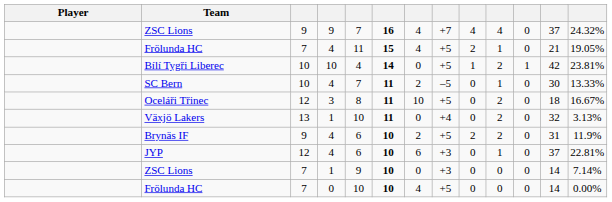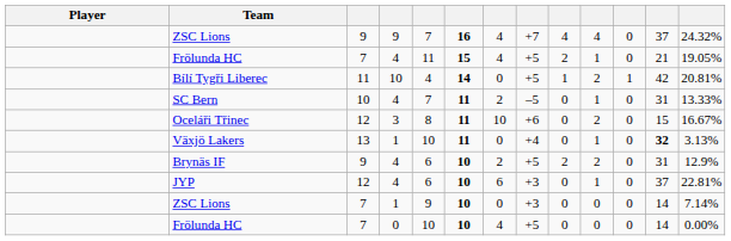 <table class="wikitable sortable">
 <tr>
 <th style="width: 12em;">Player</th>
 <th style="width: 13em;">Team</th>
 <th style="width: 2em;"></th>
 <th style="width: 2em;"></th>
 <th style="width: 2em;"></th>
 <th style="width: 2.5em;"></th>
 <th style="width: 2em;"></th>
 <th data-sort-type="number" style="width: 2em;"></th>
 <th style="width: 2em;"></th>
 <th style="width: 2em;"></th>
 <th style="width: 2em;"></th>
 <th style="width: 2em;"></th>
 <th style="width: 2em;"></th>
 </tr>
 <tr style="text-align:center;">
 <td style="text-align:left;"> </td>
 <td style="text-align:left;"> <a href='#'>ZSC Lions</a></td>
 <td>9</td>
 <td>9</td>
 <td>7</td>
 <td><strong>16</strong></td>
 <td>4</td>
 <td>+7</td>
 <td>4</td>
 <td>4</td>
 <td>0</td>
 <td>37</td>
 <td>24.32%</td>
 </tr>
 <tr style="text-align:center;">
 <td style="text-align:left;"> </td>
 <td style="text-align:left;"> <a href='#'>Frölunda HC</a></td>
 <td>7</td>
 <td>4</td>
 <td>11</td>
 <td><strong>15</strong></td>
 <td>4</td>
 <td>+5</td>
 <td>2</td>
 <td>1</td>
 <td>0</td>
 <td>21</td>
 <td>19.05%</td>
 </tr>
 <tr style="text-align:center;">
 <td style="text-align:left;"> </td>
 <td style="text-align:left;"> <a href='#'>Bílí Tygři Liberec</a></td>
-<td>10</td>
+<td>11</td>
 <td>10</td>
 <td>4</td>
 <td><strong>14</strong></td>
 <td>0</td>
 <td>+5</td>
 <td>1</td>
 <td>2</td>
 <td>1</td>
 <td>42</td>
-<td>23.81%</td>
+<td>20.81%</td>
 </tr>
 <tr style="text-align:center;">
 <td style="text-align:left;"> </td>
 <td style="text-align:left;"> <a href='#'>SC Bern</a></td>
 <td>10</td>
 <td>4</td>
 <td>7</td>
 <td><strong>11</strong></td>
 <td>2</td>
 <td>–5</td>
 <td>0</td>
 <td>1</td>
 <td>0</td>
-<td>30</td>
+<td>31</td>
 <td>13.33%</td>
 </tr>
 <tr style="text-align:center;">
 <td style="text-align:left;"> </td>
 <td style="text-align:left;"> <a href='#'>Oceláři Třinec</a></td>
 <td>12</td>
 <td>3</td>
 <td>8</td>
 <td><strong>11</strong></td>
 <td>10</td>
-<td>+5</td>
+<td>+6</td>
 <td>0</td>
 <td>2</td>
 <td>0</td>
-<td>18</td>
+<td>15</td>
 <td>16.67%</td>
 </tr>
 <tr style="text-align:center;">
 <td style="text-align:left;"> </td>
 <td style="text-align:left;"> <a href='#'>Växjö Lakers</a></td>
 <td>13</td>
 <td>1</td>
 <td>10</td>
 <td><strong>11</strong></td>
 <td>0</td>
 <td>+4</td>
 <td>0</td>
-<td>2</td>
+<td>1</td>
 <td>0</td>
-<td>32</td>
+<td><strong>32</strong></td>
 <td>3.13%</td>
 </tr>
 <tr style="text-align:center;">
 <td style="text-align:left;"> </td>
 <td style="text-align:left;"> <a href='#'>Brynäs IF</a></td>
 <td>9</td>
 <td>4</td>
 <td>6</td>
 <td><strong>10</strong></td>
 <td>2</td>
 <td>+5</td>
 <td>2</td>
 <td>2</td>
 <td>0</td>
 <td>31</td>
-<td>11.9%</td>
+<td>12.9%</td>
 </tr>
 <tr style="text-align:center;">
 <td style="text-align:left;"> </td>
 <td style="text-align:left;"> <a href='#'>JYP</a></td>
 <td>12</td>
 <td>4</td>
 <td>6</td>
 <td><strong>10</strong></td>
 <td>6</td>
 <td>+3</td>
 <td>0</td>
 <td>1</td>
 <td>0</td>
 <td>37</td>
 <td>22.81%</td>
 </tr>
 <tr style="text-align:center;">
 <td style="text-align:left;"> </td>
 <td style="text-align:left;"> <a href='#'>ZSC Lions</a></td>
 <td>7</td>
 <td>1</td>
 <td>9</td>
 <td><strong>10</strong></td>
 <td>0</td>
 <td>+3</td>
 <td>0</td>
 <td>0</td>
 <td>0</td>
 <td>14</td>
 <td>7.14%</td>
 </tr>
 <tr style="text-align:center;">
 <td style="text-align:left;"> </td>
 <td style="text-align:left;"> <a href='#'>Frölunda HC</a></td>
 <td>7</td>
 <td>0</td>
 <td>10</td>
 <td><strong>10</strong></td>
 <td>4</td>
 <td>+5</td>
 <td>0</td>
 <td>0</td>
 <td>0</td>
 <td>14</td>
 <td>0.00%</td>
 </tr>
 </table>
